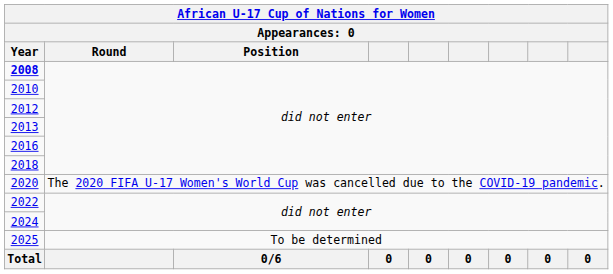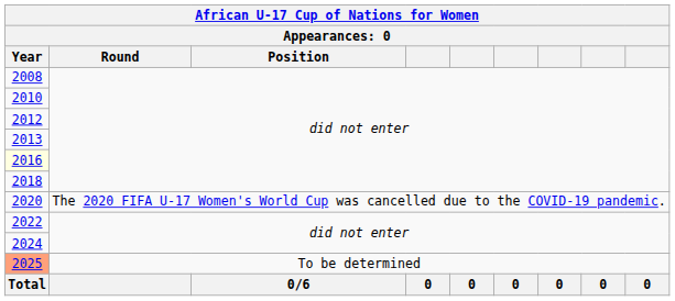 <table class="wikitable" style="text-align: center;">
 <tr>
 <th colspan=9><a href='#'>African U-17 Cup of Nations for Women</a></th>
 </tr>
 <tr>
 <th colspan=9>Appearances: 0</th>
 </tr>
 <tr>
 <th>Year</th>
 <th>Round</th>
 <th>Position</th>
 <th></th>
 <th></th>
 <th></th>
 <th></th>
 <th></th>
 <th></th>
 </tr>
 <tr>
-<td><strong><a href='#'>2008</a></strong></td>
+<td><a href='#'>2008</a></td>
 <td rowspan=6 colspan=8><em>did not enter</em></td>
 </tr>
 <tr>
 <td><a href='#'>2010</a></td>
 </tr>
 <tr>
 <td><a href='#'>2012</a></td>
 </tr>
 <tr>
 <td><a href='#'>2013</a></td>
 </tr>
 <tr>
-<td><a href='#'>2016</a></td>
+<td style="background: lightyellow;"><a href='#'>2016</a></td>
 </tr>
 <tr>
 <td><a href='#'>2018</a></td>
 </tr>
 <tr>
 <td><a href='#'>2020</a></td>
 <td colspan=8>The <a href='#'>2020 FIFA U-17 Women's World Cup</a> was cancelled due to the <a href='#'>COVID-19 pandemic</a>.</td>
 </tr>
 <tr>
 <td><a href='#'>2022</a></td>
 <td rowspan=2 colspan=8><em>did not enter</em></td>
 </tr>
 <tr>
 <td><a href='#'>2024</a></td>
 </tr>
 <tr>
-<td><a href='#'>2025</a></td>
+<td style="background: lightsalmon;"><a href='#'>2025</a></td>
 <td colspan=8>To be determined</td>
 </tr>
 <tr>
 <th>Total</th>
 <th></th>
 <th>0/6</th>
 <th>0</th>
 <th>0</th>
 <th>0</th>
 <th>0</th>
 <th>0</th>
 <th>0</th>
 </tr>
 </table>
